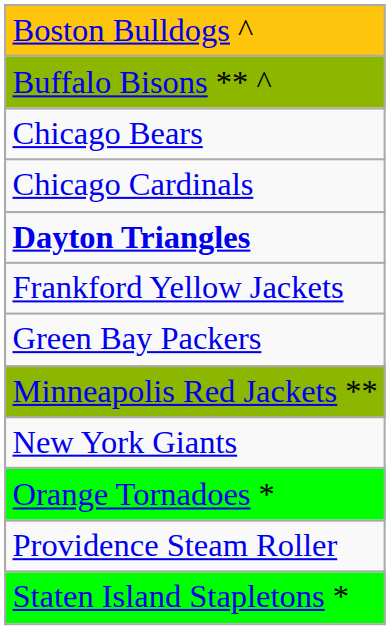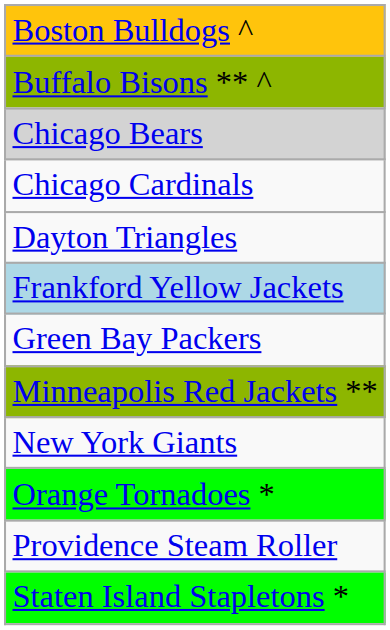 <table class="wikitable">
 <tr>
 <td style="background-color: #FFC40C"><a href='#'>Boston Bulldogs</a> ^</td>
 </tr>
 <tr>
 <td style="background-color: #8DB600"><a href='#'><span>Buffalo Bisons</span></a> ** ^</td>
 </tr>
 <tr>
-<td><a href='#'>Chicago Bears</a></td>
+<td style="background: lightgrey;"><a href='#'>Chicago Bears</a></td>
 </tr>
 <tr>
 <td><a href='#'>Chicago Cardinals</a></td>
 </tr>
 <tr>
-<td style=“background-color: #FFC40C”><strong><a href='#'>Dayton Triangles</a></strong></td>
+<td style=“background-color: #FFC40C”><a href='#'>Dayton Triangles</a></td>
 </tr>
 <tr>
-<td><a href='#'>Frankford Yellow Jackets</a></td>
+<td style="background: lightblue;"><a href='#'>Frankford Yellow Jackets</a></td>
 </tr>
 <tr>
 <td><a href='#'>Green Bay Packers</a></td>
 </tr>
 <tr>
 <td style="background-color: #8DB600"><a href='#'><span>Minneapolis Red Jackets</span></a> **</td>
 </tr>
 <tr>
 <td><a href='#'>New York Giants</a></td>
 </tr>
 <tr>
 <td style="background-color: #00FF00"><a href='#'>Orange Tornadoes</a> *</td>
 </tr>
 <tr>
 <td><a href='#'>Providence Steam Roller</a></td>
 </tr>
 <tr>
 <td style="background-color: #00FF00"><a href='#'>Staten Island Stapletons</a> *</td>
 </tr>
 </table>
